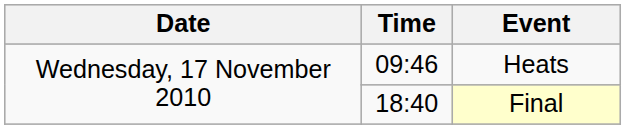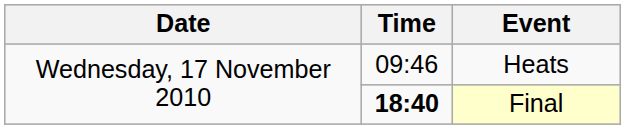 <table class = "wikitable" style="text-align:center;">
 <tr>
 <th width=220>Date</th>
 <th width=50>Time</th>
 <th width=100>Event</th>
 </tr>
 <tr>
 <td rowspan=2>Wednesday, 17 November 2010</td>
 <td>09:46</td>
 <td>Heats</td>
 </tr>
 <tr>
-<td>18:40</td>
+<td><strong>18:40</strong></td>
 <td bgcolor=ffffcc>Final</td>
 </tr>
 </table>
